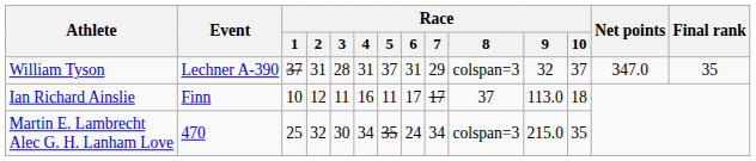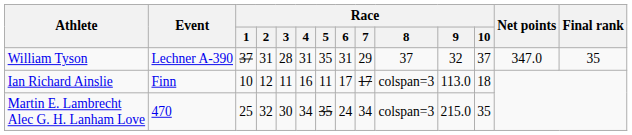 <table class="wikitable" style="font-size:90%">
 <tr>
 <th rowspan="2">Athlete</th>
 <th rowspan="2">Event</th>
 <th colspan=10>Race</th>
 <th rowspan=2>Net points</th>
 <th rowspan=2>Final rank</th>
 </tr>
 <tr style="font-size:95%">
 <th>1</th>
 <th>2</th>
 <th>3</th>
 <th>4</th>
 <th>5</th>
 <th>6</th>
 <th>7</th>
 <th>8</th>
 <th>9</th>
 <th>10</th>
 </tr>
 <tr align=center>
 <td align=left><a href='#'>William Tyson</a></td>
 <td align=left><a href='#'>Lechner A-390</a></td>
 <td><s>37</s></td>
 <td>31</td>
 <td>28</td>
 <td>31</td>
-<td>37</td>
+<td>35</td>
 <td>31</td>
 <td>29</td>
-<td>colspan=3 </td>
+<td>37</td>
 <td>32</td>
 <td>37</td>
 <td>347.0</td>
 <td>35</td>
 </tr>
 <tr align=center>
 <td align=left><a href='#'>Ian Richard Ainslie</a></td>
 <td align=left><a href='#'>Finn</a></td>
 <td>10</td>
 <td>12</td>
 <td>11</td>
 <td>16</td>
 <td>11</td>
 <td>17</td>
 <td><s>17</s></td>
-<td>37</td>
+<td>colspan=3 </td>
 <td>113.0</td>
 <td>18</td>
 </tr>
 <tr align=center>
 <td align=left><a href='#'>Martin E. Lambrecht</a><br><a href='#'>Alec G. H. Lanham Love</a></td>
 <td align=left><a href='#'>470</a></td>
 <td>25</td>
 <td>32</td>
 <td>30</td>
 <td>34</td>
 <td><s>35</s></td>
 <td>24</td>
 <td>34</td>
 <td>colspan=3 </td>
 <td>215.0</td>
 <td>35</td>
 </tr>
 </table>
